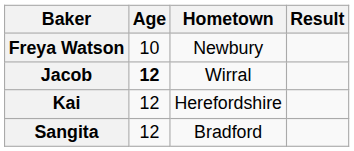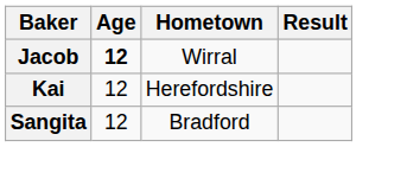 <table class="wikitable sortable" style="display:inline-table; text-align:center">
 <tr>
 <th scope="col">Baker</th>
 <th scope="col">Age</th>
 <th scope="col">Hometown</th>
 <th scope="col">Result</th>
-</tr>
-<tr>
-<th scope="row">Freya Watson</th>
-<td>10</td>
-<td>Newbury</td>
-<td></td>
 </tr>
 <tr>
 <th scope="row">Jacob</th>
 <td><strong>12</strong></td>
 <td>Wirral</td>
 <td></td>
 </tr>
 <tr>
 <th scope="row">Kai</th>
 <td>12</td>
 <td>Herefordshire</td>
 <td></td>
 </tr>
 <tr>
 <th scope="row">Sangita</th>
 <td>12</td>
 <td>Bradford</td>
 <td></td>
 </tr>
 </table>
